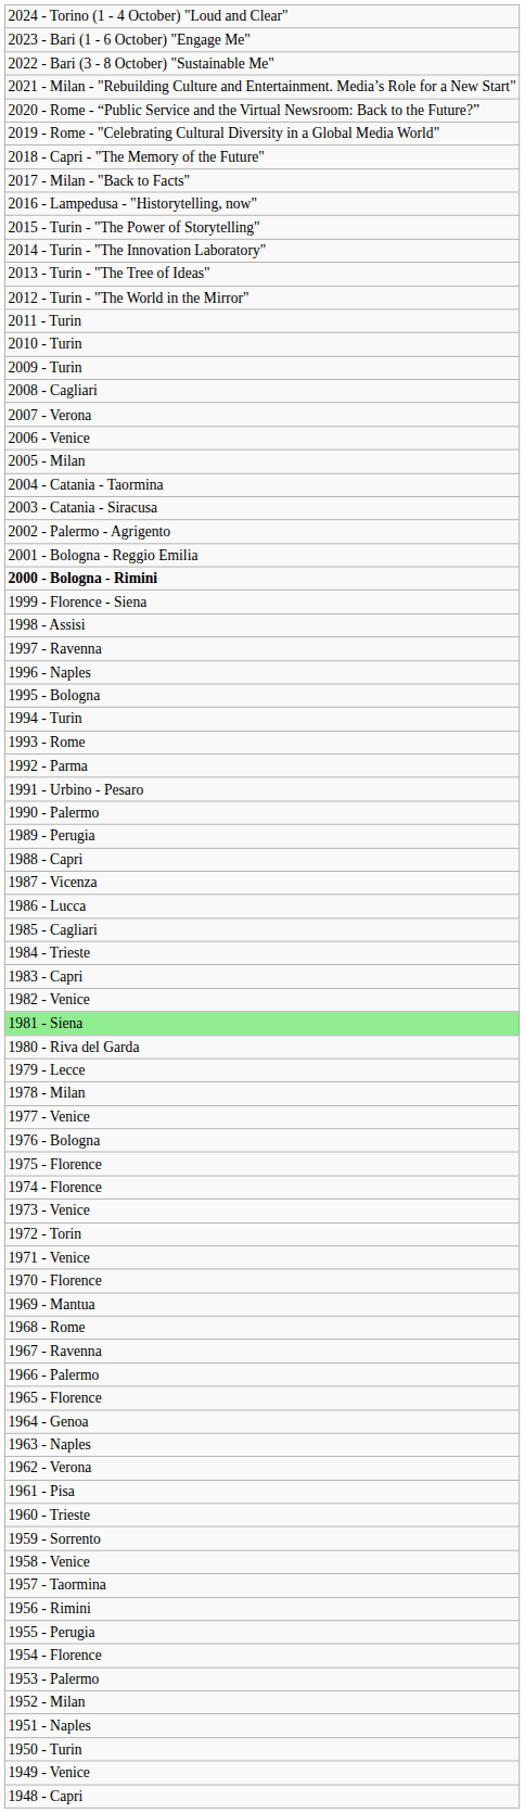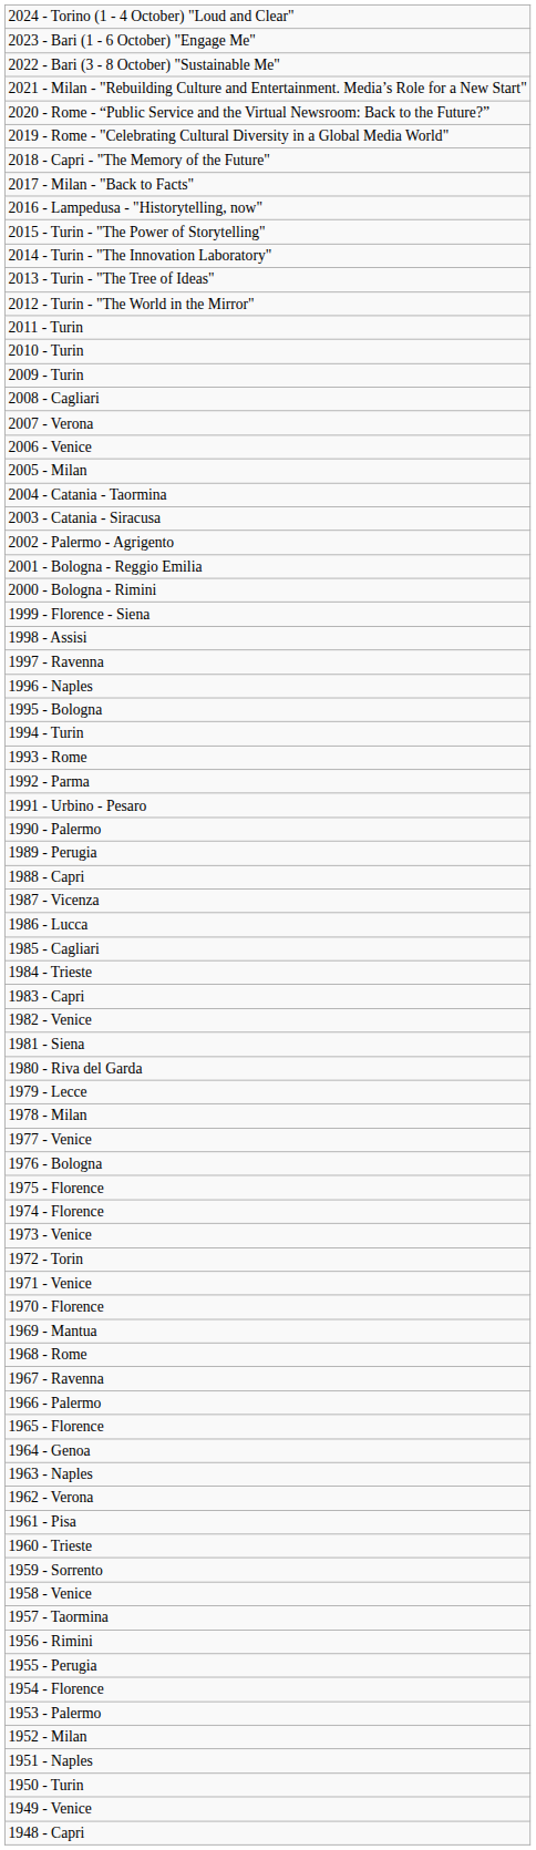 <table class="wikitable">
 <tr>
 <td>2024 - Torino (1 - 4 October) "Loud and Clear"</td>
 </tr>
 <tr>
 <td>2023 - Bari (1 - 6 October) "Engage Me"</td>
 </tr>
 <tr>
 <td>2022 - Bari (3 - 8 October) "Sustainable Me"</td>
 </tr>
 <tr>
 <td>2021 - Milan - "Rebuilding Culture and Entertainment. Media’s Role for a New Start"</td>
 </tr>
 <tr>
 <td>2020 - Rome -  “Public Service and the Virtual Newsroom: Back to the Future?”</td>
 </tr>
 <tr>
 <td>2019 - Rome -  "Celebrating Cultural Diversity in a Global Media World"</td>
 </tr>
 <tr>
 <td>2018 - Capri -  "The Memory of the Future"</td>
 </tr>
 <tr>
 <td>2017 - Milan - "Back to Facts"</td>
 </tr>
 <tr>
 <td>2016 - Lampedusa -  "Historytelling, now"</td>
 </tr>
 <tr>
 <td>2015 - Turin -  "The Power of Storytelling"</td>
 </tr>
 <tr>
 <td>2014 - Turin -  "The Innovation Laboratory"</td>
 </tr>
 <tr>
 <td>2013 - Turin -  "The Tree of Ideas"</td>
 </tr>
 <tr>
 <td>2012 - Turin -  "The World in the Mirror"</td>
 </tr>
 <tr>
 <td>2011 - Turin</td>
 </tr>
 <tr>
 <td>2010 - Turin</td>
 </tr>
 <tr>
 <td>2009 - Turin</td>
 </tr>
 <tr>
 <td>2008 - Cagliari</td>
 </tr>
 <tr>
 <td>2007 - Verona</td>
 </tr>
 <tr>
 <td>2006 - Venice</td>
 </tr>
 <tr>
 <td>2005 - Milan</td>
 </tr>
 <tr>
 <td>2004 - Catania - Taormina</td>
 </tr>
 <tr>
 <td>2003 - Catania - Siracusa</td>
 </tr>
 <tr>
 <td>2002 - Palermo - Agrigento</td>
 </tr>
 <tr>
 <td>2001 - Bologna - Reggio Emilia</td>
 </tr>
 <tr>
-<td><strong>2000 - Bologna - Rimini</strong></td>
+<td>2000 - Bologna - Rimini</td>
 </tr>
 <tr>
 <td>1999 - Florence - Siena</td>
 </tr>
 <tr>
 <td>1998 - Assisi</td>
 </tr>
 <tr>
 <td>1997 - Ravenna</td>
 </tr>
 <tr>
 <td>1996 - Naples</td>
 </tr>
 <tr>
 <td>1995 - Bologna</td>
 </tr>
 <tr>
 <td>1994 - Turin</td>
 </tr>
 <tr>
 <td>1993 - Rome</td>
 </tr>
 <tr>
 <td>1992 - Parma</td>
 </tr>
 <tr>
 <td>1991 - Urbino - Pesaro</td>
 </tr>
 <tr>
 <td>1990 - Palermo</td>
 </tr>
 <tr>
 <td>1989 - Perugia</td>
 </tr>
 <tr>
 <td>1988 - Capri</td>
 </tr>
 <tr>
 <td>1987 - Vicenza</td>
 </tr>
 <tr>
 <td>1986 - Lucca</td>
 </tr>
 <tr>
 <td>1985 - Cagliari</td>
 </tr>
 <tr>
 <td>1984 - Trieste</td>
 </tr>
 <tr>
 <td>1983 - Capri</td>
 </tr>
 <tr>
 <td>1982 - Venice</td>
 </tr>
 <tr>
-<td style="background: lightgreen;">1981 - Siena</td>
+<td>1981 - Siena</td>
 </tr>
 <tr>
 <td>1980 - Riva del Garda</td>
 </tr>
 <tr>
 <td>1979 - Lecce</td>
 </tr>
 <tr>
 <td>1978 - Milan</td>
 </tr>
 <tr>
 <td>1977 - Venice</td>
 </tr>
 <tr>
 <td>1976 - Bologna</td>
 </tr>
 <tr>
 <td>1975 - Florence</td>
 </tr>
 <tr>
 <td>1974 - Florence</td>
 </tr>
 <tr>
 <td>1973 - Venice</td>
 </tr>
 <tr>
 <td>1972 - Torin</td>
 </tr>
 <tr>
 <td>1971 - Venice</td>
 </tr>
 <tr>
 <td>1970 - Florence</td>
 </tr>
 <tr>
 <td>1969 - Mantua</td>
 </tr>
 <tr>
 <td>1968 - Rome</td>
 </tr>
 <tr>
 <td>1967 - Ravenna</td>
 </tr>
 <tr>
 <td>1966 - Palermo</td>
 </tr>
 <tr>
 <td>1965 - Florence</td>
 </tr>
 <tr>
 <td>1964 - Genoa</td>
 </tr>
 <tr>
 <td>1963 - Naples</td>
 </tr>
 <tr>
 <td>1962 - Verona</td>
 </tr>
 <tr>
 <td>1961 - Pisa</td>
 </tr>
 <tr>
 <td>1960 - Trieste</td>
 </tr>
 <tr>
 <td>1959 - Sorrento</td>
 </tr>
 <tr>
 <td>1958 - Venice</td>
 </tr>
 <tr>
 <td>1957 - Taormina</td>
 </tr>
 <tr>
 <td>1956 - Rimini</td>
 </tr>
 <tr>
 <td>1955 - Perugia</td>
 </tr>
 <tr>
 <td>1954 - Florence</td>
 </tr>
 <tr>
 <td>1953 - Palermo</td>
 </tr>
 <tr>
 <td>1952 - Milan</td>
 </tr>
 <tr>
 <td>1951 - Naples</td>
 </tr>
 <tr>
 <td>1950 - Turin</td>
 </tr>
 <tr>
 <td>1949 - Venice</td>
 </tr>
 <tr>
 <td>1948 - Capri</td>
 </tr>
 </table>
